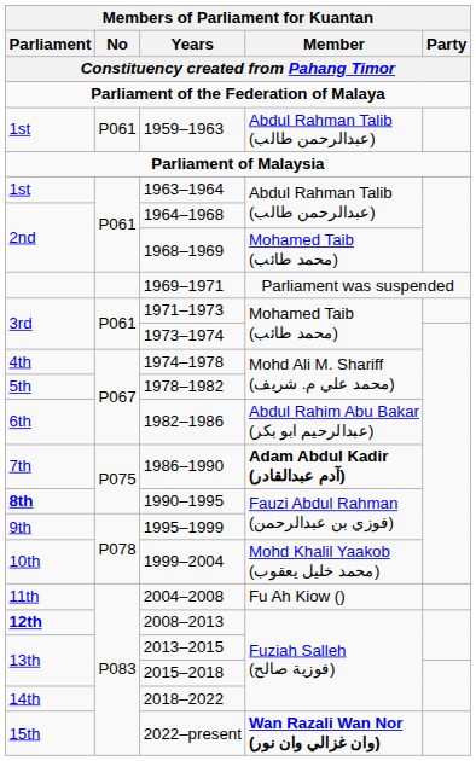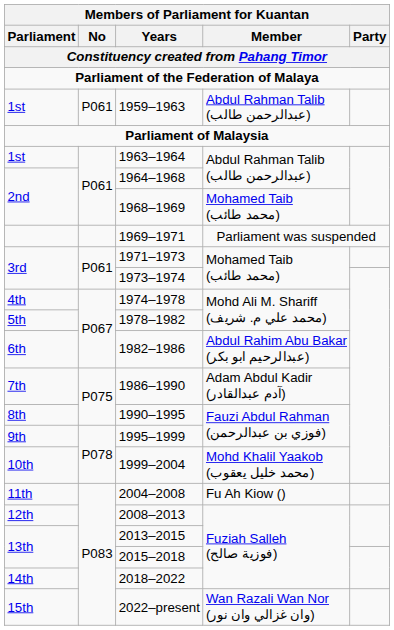 <table class=wikitable>
 <tr>
 <th colspan="5">Members of Parliament for Kuantan</th>
 </tr>
 <tr>
 <th>Parliament</th>
 <th>No</th>
 <th>Years</th>
 <th>Member</th>
 <th>Party</th>
 </tr>
 <tr>
 <th colspan="5" align="center"><em>Constituency created from <a href='#'>Pahang Timor</a></em></th>
 </tr>
 <tr>
 <td colspan="5" align="center"><strong>Parliament of the Federation of Malaya</strong></td>
 </tr>
 <tr>
 <td><a href='#'>1st</a></td>
 <td>P061</td>
 <td>1959–1963</td>
 <td><a href='#'>Abdul Rahman Talib</a> <br> (عبدالرحمن طالب)</td>
 <td></td>
 </tr>
 <tr>
 <td colspan="5" align="center"><strong>Parliament of Malaysia</strong></td>
 </tr>
 <tr>
 <td><a href='#'>1st</a></td>
 <td rowspan="3">P061</td>
 <td>1963–1964</td>
 <td rowspan="2">Abdul Rahman Talib  <br>(عبدالرحمن طالب)</td>
 <td rowspan=3></td>
 </tr>
 <tr>
 <td rowspan=2><a href='#'>2nd</a></td>
 <td>1964–1968</td>
 </tr>
 <tr>
 <td>1968–1969</td>
 <td><a href='#'>Mohamed Taib</a>  <br>(محمد طائب)</td>
 </tr>
 <tr>
 <td></td>
 <td></td>
 <td>1969–1971</td>
 <td colspan="2" align="center">Parliament was suspended</td>
 </tr>
 <tr>
 <td rowspan=2><a href='#'>3rd</a></td>
 <td rowspan="2">P061</td>
 <td>1971–1973</td>
 <td rowspan="2">Mohamed Taib <br> (محمد طائب)</td>
 <td></td>
 </tr>
 <tr>
 <td>1973–1974</td>
 <td rowspan="8"></td>
 </tr>
 <tr>
 <td><a href='#'>4th</a></td>
 <td rowspan="3">P067</td>
 <td>1974–1978</td>
 <td rowspan="2">Mohd Ali M. Shariff <br> (محمد علي م. شريف)</td>
 </tr>
 <tr>
 <td><a href='#'>5th</a></td>
 <td>1978–1982</td>
 </tr>
 <tr>
 <td><a href='#'>6th</a></td>
 <td>1982–1986</td>
 <td><a href='#'>Abdul Rahim Abu Bakar</a> <br> (عبدالرحيم ابو بكر)</td>
 </tr>
 <tr>
 <td><a href='#'>7th</a></td>
 <td rowspan="2">P075</td>
 <td>1986–1990</td>
-<td><strong>Adam Abdul Kadir  <br>(آدم عبدالقادر)</strong></td>
+<td>Adam Abdul Kadir  <br>(آدم عبدالقادر)</td>
 </tr>
 <tr>
-<td><strong><a href='#'>8th</a></strong></td>
+<td><a href='#'>8th</a></td>
 <td>1990–1995</td>
 <td rowspan="2"><a href='#'>Fauzi Abdul Rahman</a>  <br>(فوزي بن عبدالرحمن)</td>
 </tr>
 <tr>
 <td><a href='#'>9th</a></td>
 <td rowspan="2">P078</td>
 <td>1995–1999</td>
 </tr>
 <tr>
 <td><a href='#'>10th</a></td>
 <td>1999–2004</td>
 <td><a href='#'>Mohd Khalil Yaakob</a> <br> (محمد خليل يعقوب)</td>
 </tr>
 <tr>
 <td><a href='#'>11th</a></td>
 <td rowspan=6>P083</td>
 <td>2004–2008</td>
 <td>Fu Ah Kiow ()</td>
 <td></td>
 </tr>
 <tr>
-<td><strong><a href='#'>12th</a></strong></td>
+<td><a href='#'>12th</a></td>
 <td>2008–2013</td>
 <td rowspan=4><a href='#'>Fuziah Salleh</a> <br> (فوزية صالح)</td>
 <td rowspan=2></td>
 </tr>
 <tr>
 <td rowspan=2><a href='#'>13th</a></td>
 <td>2013–2015</td>
 </tr>
 <tr>
 <td>2015–2018</td>
 <td rowspan=2 bgcolor=></td>
 </tr>
 <tr>
 <td><a href='#'>14th</a></td>
 <td>2018–2022</td>
 </tr>
 <tr>
 <td><a href='#'>15th</a></td>
 <td>2022–present</td>
-<td><strong><a href='#'>Wan Razali Wan Nor</a>  <br>(وان غزالي وان نور)</strong></td>
+<td><a href='#'>Wan Razali Wan Nor</a>  <br>(وان غزالي وان نور)</td>
 <td></td>
 </tr>
 </table>
